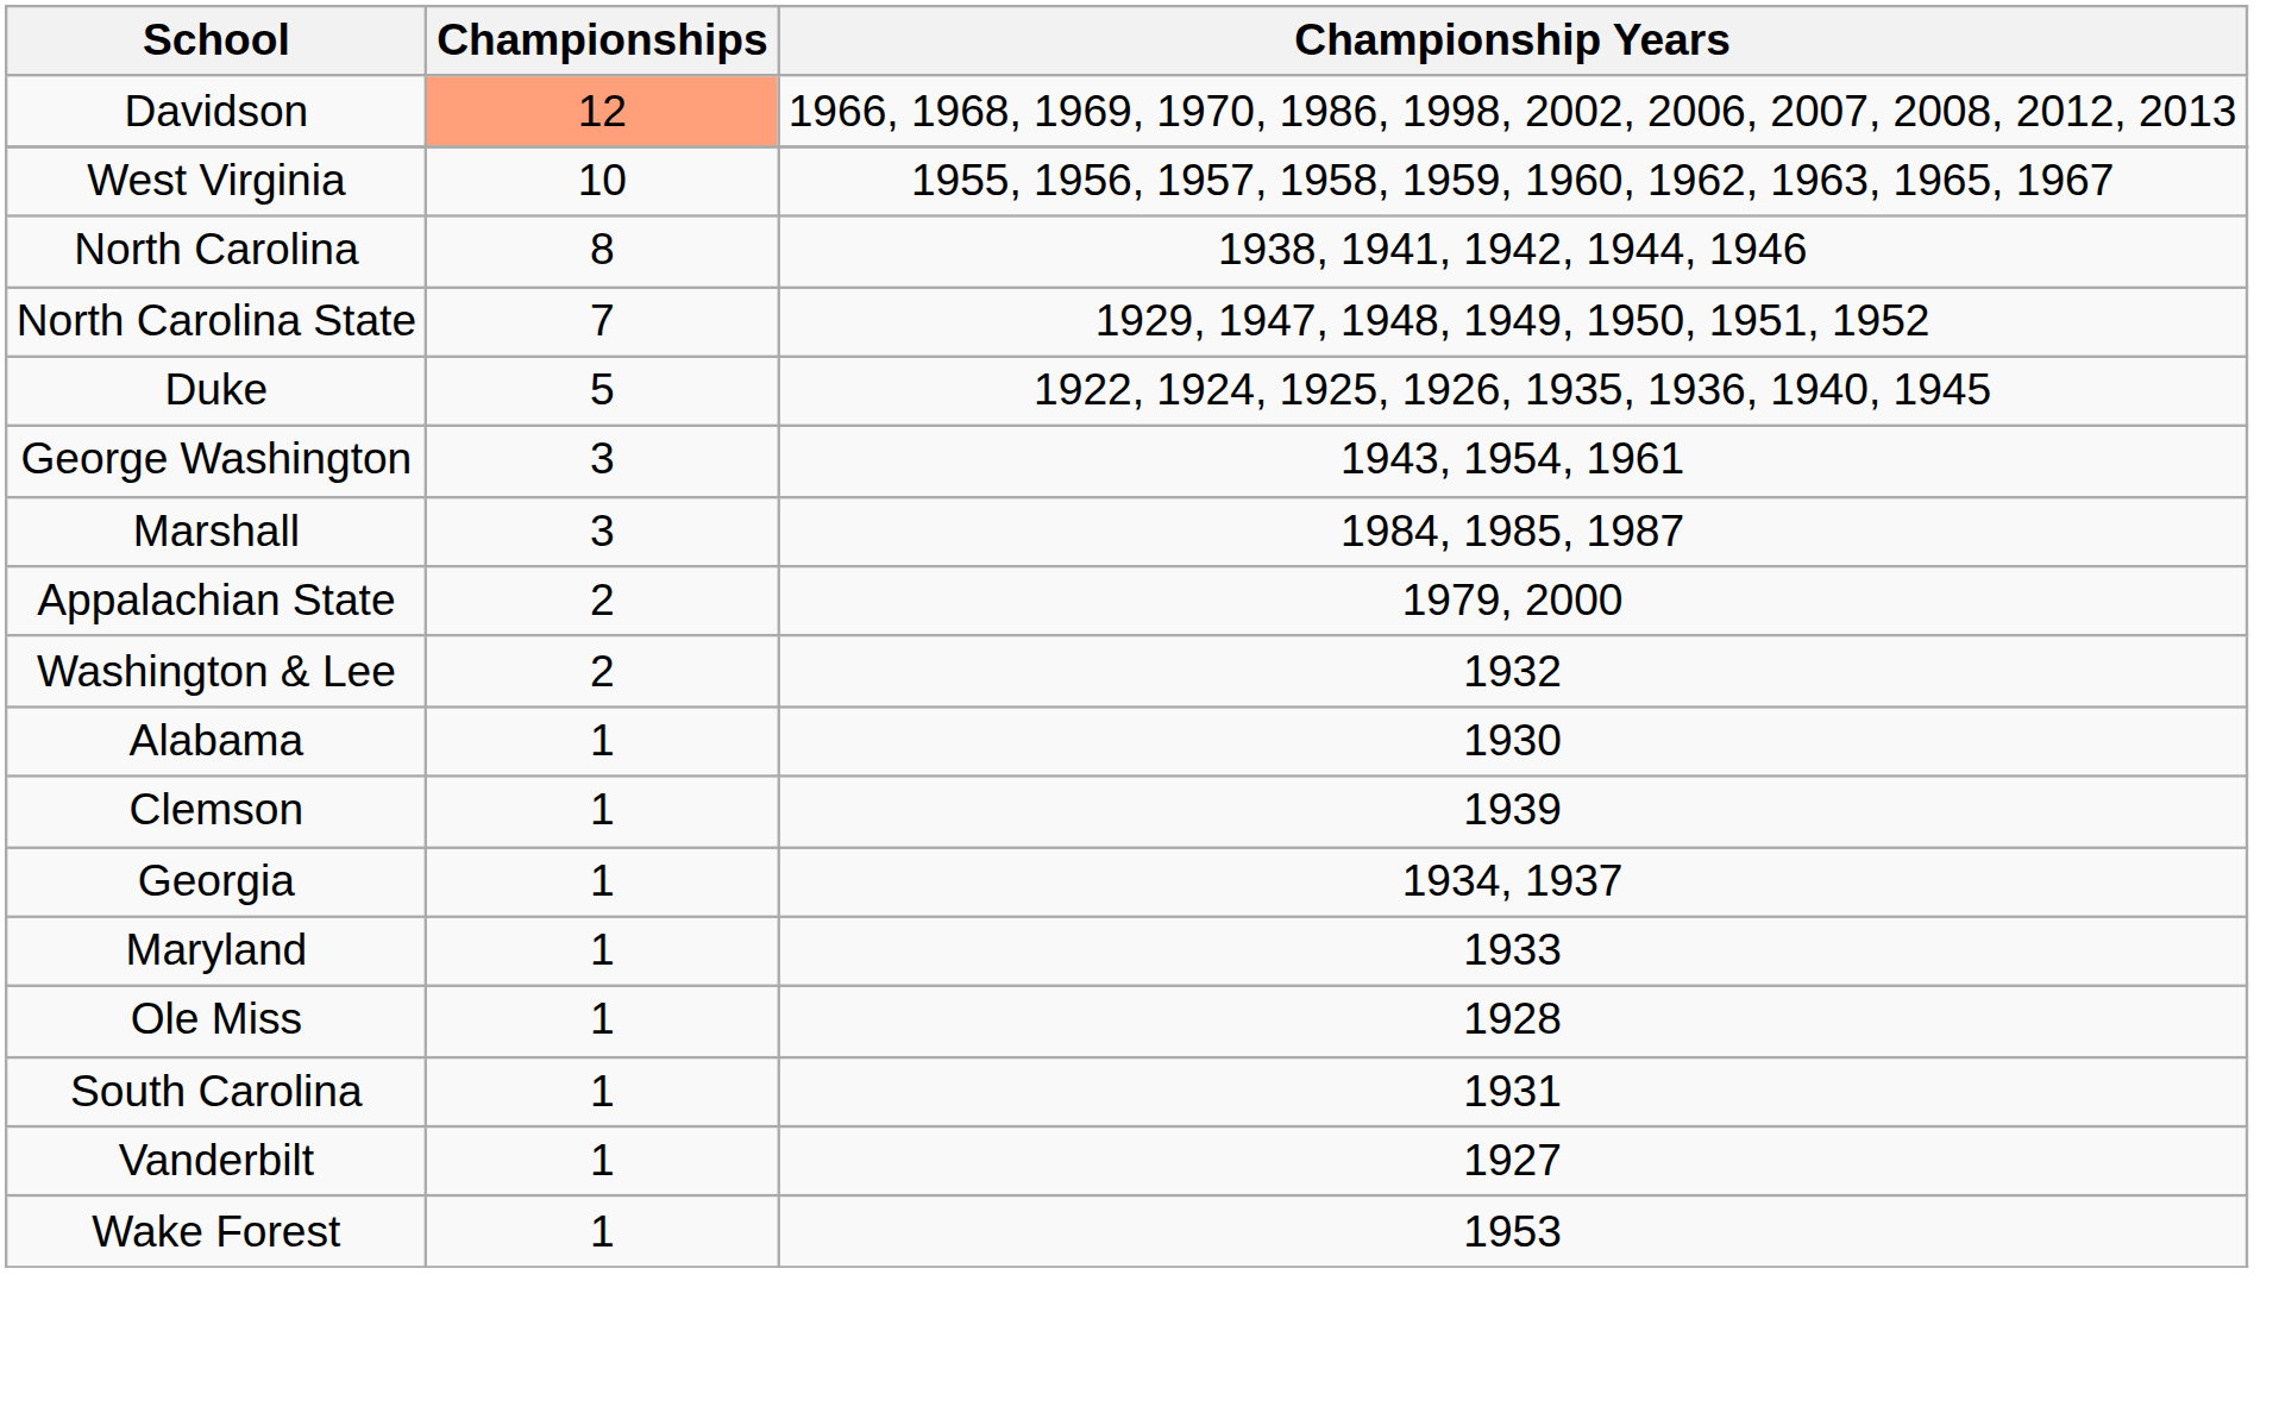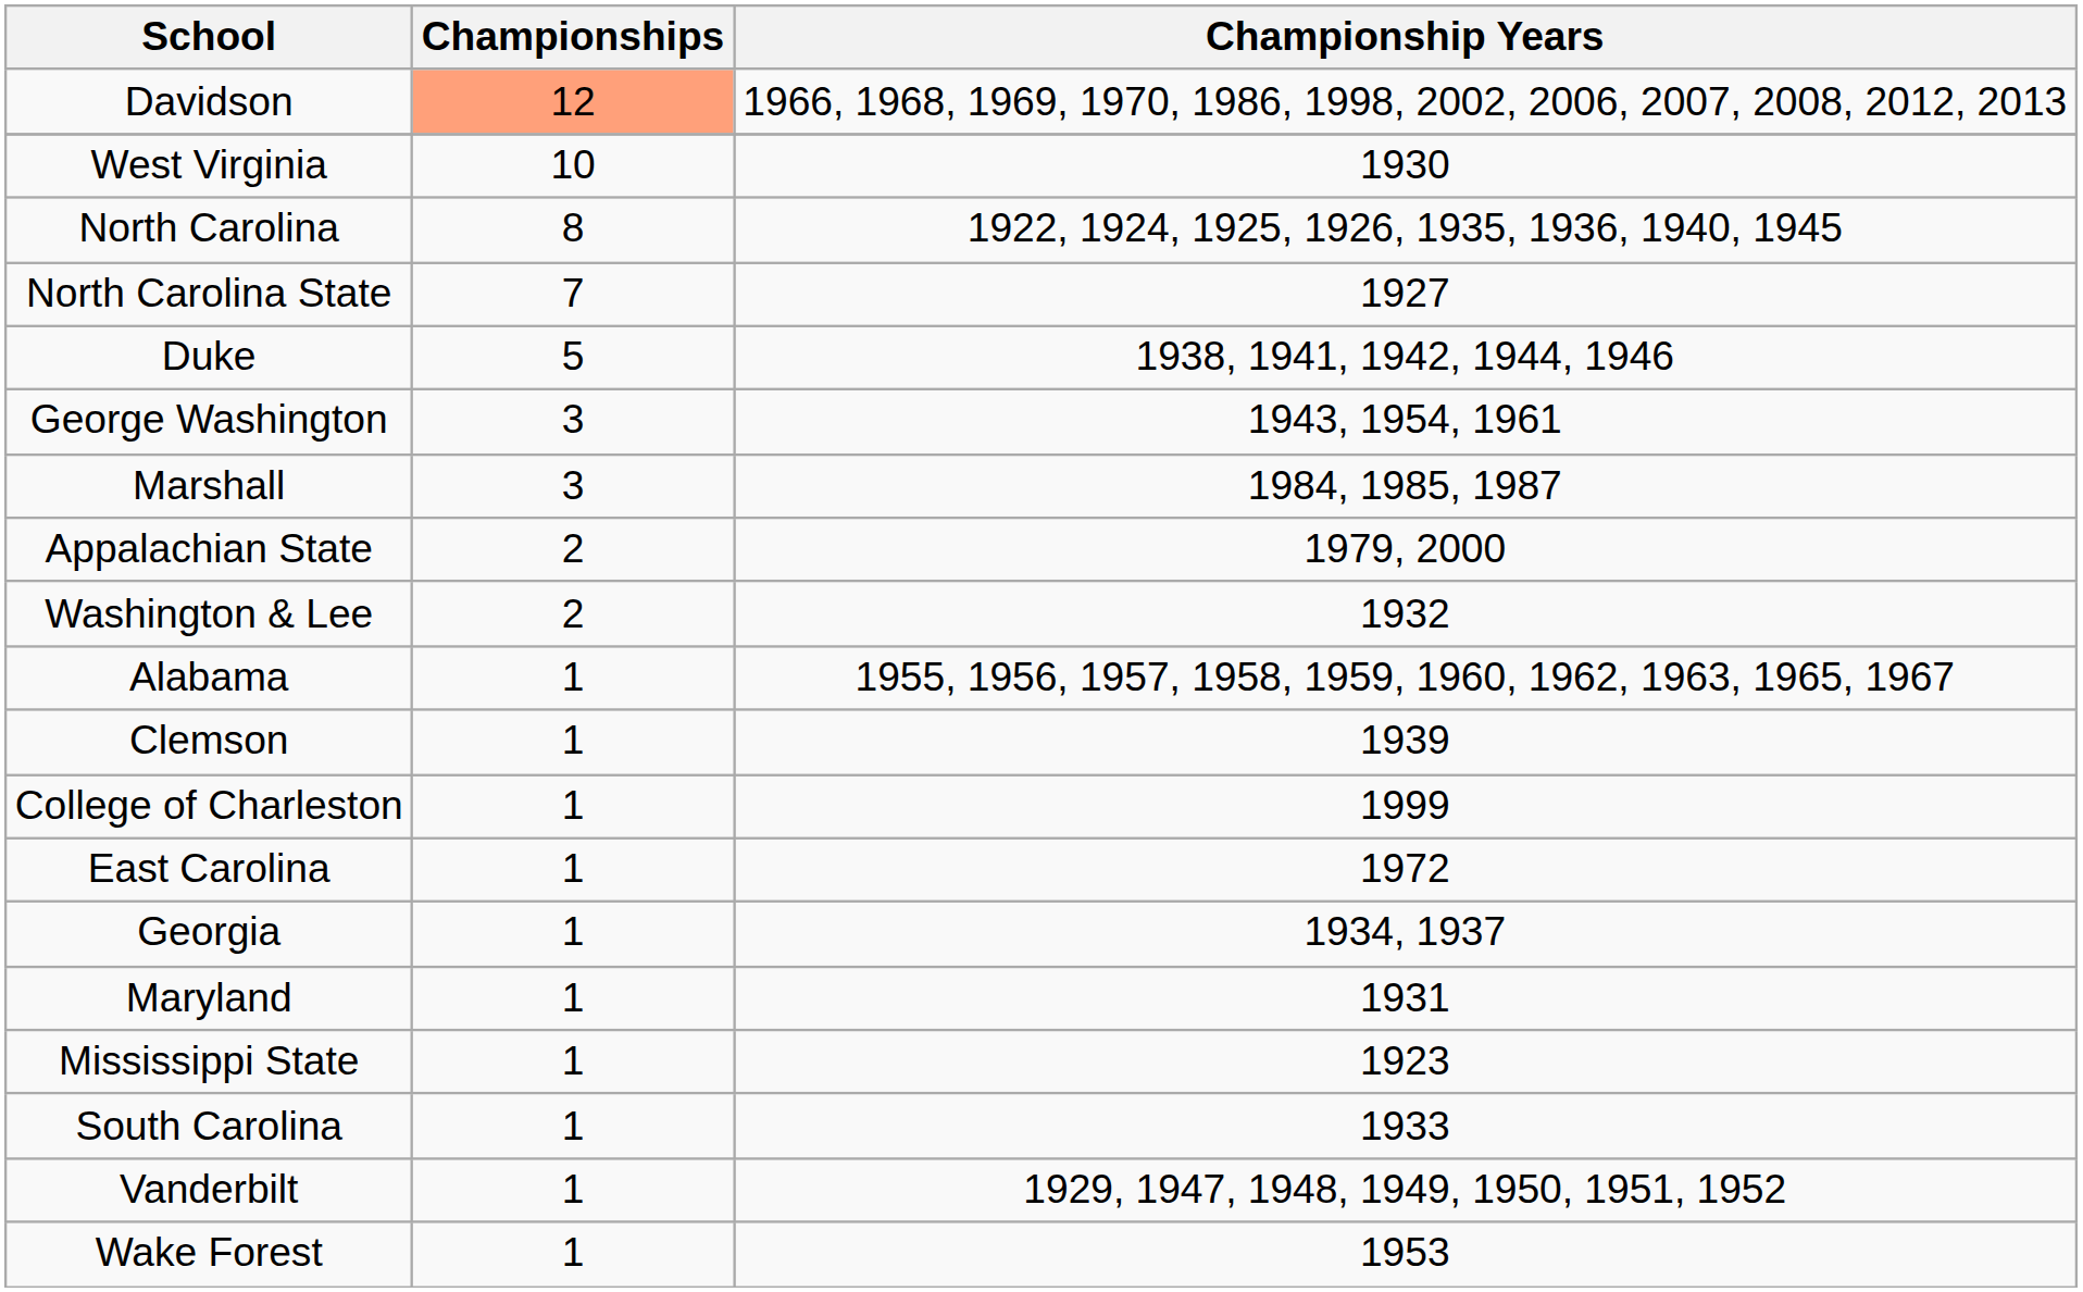 <table class="wikitable sortable" style="text-align:center">
 <tr>
 <th width=px>School</th>
 <th width=px>Championships</th>
 <th width=px>Championship Years</th>
 </tr>
 <tr>
 <td>Davidson</td>
 <td style="background: lightsalmon;">12</td>
 <td>1966, 1968, 1969, 1970, 1986, 1998, 2002, 2006, 2007, 2008, 2012, 2013</td>
 </tr>
 <tr>
 </tr>
 <tr>
 <td>West Virginia</td>
 <td>10</td>
-<td>1955, 1956, 1957, 1958, 1959, 1960, 1962, 1963, 1965, 1967</td>
+<td>1930</td>
 </tr>
 <tr>
 <td>North Carolina</td>
 <td>8</td>
-<td>1938, 1941, 1942, 1944, 1946</td>
+<td>1922, 1924, 1925, 1926, 1935, 1936, 1940, 1945</td>
 </tr>
 <tr>
 <td>North Carolina State</td>
 <td>7</td>
-<td>1929, 1947, 1948, 1949, 1950, 1951, 1952</td>
+<td>1927</td>
 </tr>
 <tr>
 <td>Duke</td>
 <td>5</td>
-<td>1922, 1924, 1925, 1926, 1935, 1936, 1940, 1945</td>
+<td>1938, 1941, 1942, 1944, 1946</td>
 </tr>
 <tr>
 <td>George Washington</td>
 <td>3</td>
 <td>1943, 1954, 1961</td>
 </tr>
 <tr>
 <td>Marshall</td>
 <td>3</td>
 <td>1984, 1985, 1987</td>
 </tr>
 <tr>
 <td>Appalachian State</td>
 <td>2</td>
 <td>1979, 2000</td>
 </tr>
 <tr>
 <td>Washington & Lee</td>
 <td>2</td>
 <td>1932</td>
 </tr>
 <tr>
 <td>Alabama</td>
 <td>1</td>
-<td>1930</td>
+<td>1955, 1956, 1957, 1958, 1959, 1960, 1962, 1963, 1965, 1967</td>
 </tr>
 <tr>
 <td>Clemson</td>
 <td>1</td>
 <td>1939</td>
+</tr>
+<tr>
+<td>College of Charleston</td>
+<td>1</td>
+<td>1999</td>
+</tr>
+<tr>
+<td>East Carolina</td>
+<td>1</td>
+<td>1972</td>
 </tr>
 <tr>
 <td>Georgia</td>
 <td>1</td>
 <td>1934, 1937</td>
 </tr>
 <tr>
 <td>Maryland</td>
 <td>1</td>
-<td>1933</td>
+<td>1931</td>
 </tr>
 <tr>
-<td>Ole Miss</td>
+<td>Mississippi State</td>
 <td>1</td>
-<td>1928</td>
+<td>1923</td>
 </tr>
 <tr>
 <td>South Carolina</td>
 <td>1</td>
-<td>1931</td>
+<td>1933</td>
 </tr>
 <tr>
 <td>Vanderbilt</td>
 <td>1</td>
-<td>1927</td>
+<td>1929, 1947, 1948, 1949, 1950, 1951, 1952</td>
 </tr>
 <tr>
 <td>Wake Forest</td>
 <td>1</td>
 <td>1953</td>
 </tr>
 </table>
